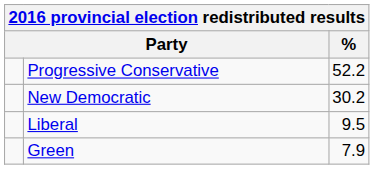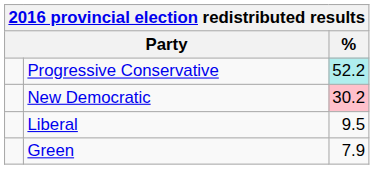 <table class="wikitable">
 <tr>
 <th colspan="4"><a href='#'>2016 provincial election</a> redistributed results</th>
 </tr>
 <tr>
 <th bgcolor="#DDDDFF" width="130px" colspan="2">Party</th>
 <th bgcolor="#DDDDFF" width="30px">%</th>
 </tr>
 <tr>
 <td> </td>
 <td><a href='#'>Progressive Conservative</a></td>
-<td align=right>52.2</td>
+<td align=right style="background: paleturquoise;">52.2</td>
 </tr>
 <tr>
 <td> </td>
 <td><a href='#'>New Democratic</a></td>
-<td align=right>30.2</td>
+<td align=right style="background: pink;">30.2</td>
 </tr>
 <tr>
 <td> </td>
 <td><a href='#'>Liberal</a></td>
 <td align=right>9.5</td>
 </tr>
 <tr>
 <td> </td>
 <td><a href='#'>Green</a></td>
 <td align=right>7.9</td>
 </tr>
 </table>
